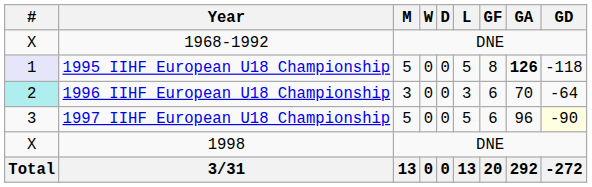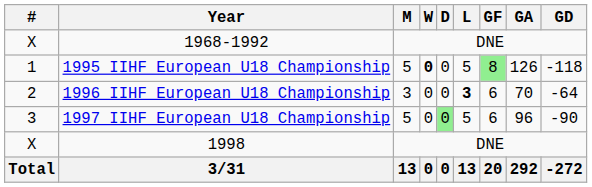 <table class="wikitable sortable" style="text-align:center">
 <tr>
 <th>#</th>
 <th>Year</th>
 <th>M</th>
 <th>W</th>
 <th>D</th>
 <th>L</th>
 <th>GF</th>
 <th>GA</th>
 <th>GD</th>
 </tr>
 <tr>
 <td>X</td>
 <td>1968-1992</td>
 <td colspan=7>DNE</td>
 </tr>
 <tr>
-<td style="background: lavender;">1</td>
+<td>1</td>
 <td><a href='#'>1995 IIHF European U18 Championship</a></td>
 <td>5</td>
-<td>0</td>
+<td><strong>0</strong></td>
 <td>0</td>
 <td>5</td>
-<td>8</td>
-<td><strong>126</strong></td>
+<td style="background: lightgreen;">8</td>
+<td>126</td>
 <td>-118</td>
 </tr>
 <tr>
-<td style="background: paleturquoise;">2</td>
+<td>2</td>
 <td><a href='#'>1996 IIHF European U18 Championship</a></td>
 <td>3</td>
 <td>0</td>
 <td>0</td>
-<td>3</td>
+<td><strong>3</strong></td>
 <td>6</td>
 <td>70</td>
 <td>-64</td>
 </tr>
 <tr>
 <td>3</td>
 <td><a href='#'>1997 IIHF European U18 Championship</a></td>
 <td>5</td>
 <td>0</td>
-<td>0</td>
+<td style="background: lightgreen;">0</td>
 <td>5</td>
 <td>6</td>
 <td>96</td>
-<td style="background: lightyellow;">-90</td>
+<td>-90</td>
 </tr>
 <tr>
 <td>X</td>
 <td>1998</td>
 <td colspan=7>DNE</td>
 </tr>
 <tr>
 <th><strong>Total</strong></th>
 <th>3/31</th>
 <th>13</th>
 <th>0</th>
 <th>0</th>
 <th>13</th>
 <th>20</th>
 <th>292</th>
 <th>-272</th>
 </tr>
 </table>
